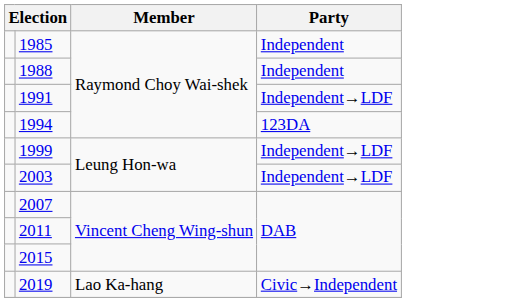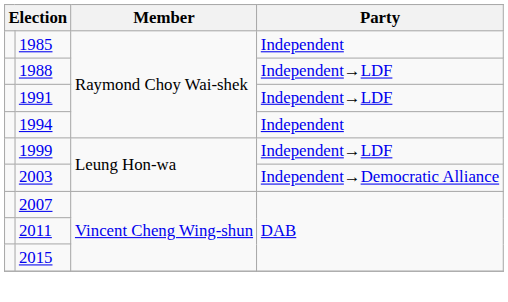 <table class="wikitable">
 <tr>
 <th colspan="2">Election</th>
 <th>Member</th>
 <th>Party</th>
 </tr>
 <tr>
 <td style="background-color:"></td>
 <td><a href='#'>1985</a></td>
 <td rowspan=4>Raymond Choy Wai-shek</td>
 <td><a href='#'>Independent</a></td>
 </tr>
 <tr>
 <td style="background-color:"></td>
 <td><a href='#'>1988</a></td>
-<td><a href='#'>Independent</a></td>
+<td><a href='#'>Independent</a>→<a href='#'>LDF</a></td>
 </tr>
 <tr>
 <td style="background-color:"></td>
 <td><a href='#'>1991</a></td>
 <td><a href='#'>Independent</a>→<a href='#'>LDF</a></td>
 </tr>
 <tr>
 <td style="background-color:"></td>
 <td><a href='#'>1994</a></td>
-<td><a href='#'>123DA</a></td>
+<td><a href='#'>Independent</a></td>
 </tr>
 <tr>
 <td style="background-color:"></td>
 <td><a href='#'>1999</a></td>
 <td rowspan=2>Leung Hon-wa</td>
 <td><a href='#'>Independent</a>→<a href='#'>LDF</a></td>
 </tr>
 <tr>
 <td style="background-color:"></td>
 <td><a href='#'>2003</a></td>
-<td><a href='#'>Independent</a>→<a href='#'>LDF</a></td>
+<td><a href='#'>Independent</a>→<a href='#'>Democratic Alliance</a></td>
 </tr>
 <tr>
 <td style="background-color:"></td>
 <td><a href='#'>2007</a></td>
 <td rowspan=3><a href='#'>Vincent Cheng Wing-shun</a></td>
 <td rowspan=3><a href='#'>DAB</a></td>
 </tr>
 <tr>
 <td style="background-color:"></td>
 <td><a href='#'>2011</a></td>
 </tr>
 <tr>
 <td style="background-color:"></td>
 <td><a href='#'>2015</a></td>
 </tr>
 <tr>
-<td style="background-color:"></td>
-<td><a href='#'>2019</a></td>
-<td>Lao Ka-hang</td>
-<td><a href='#'>Civic</a>→<a href='#'>Independent</a></td>
-</tr>
-<tr>
 </tr>
 </table>
